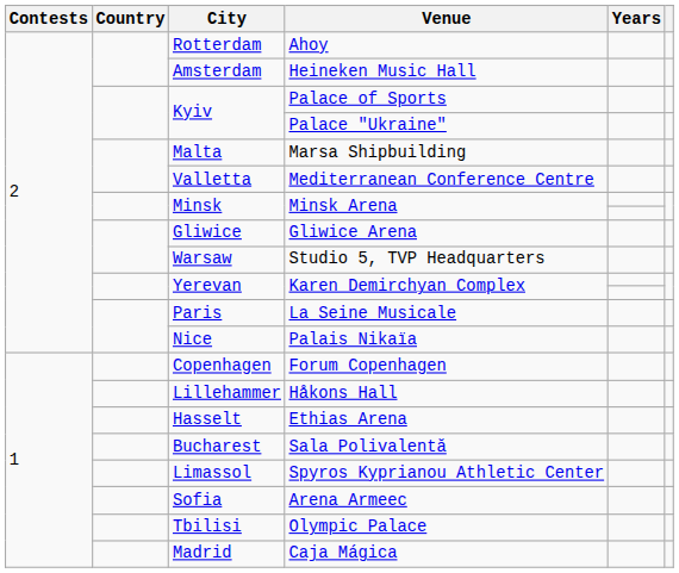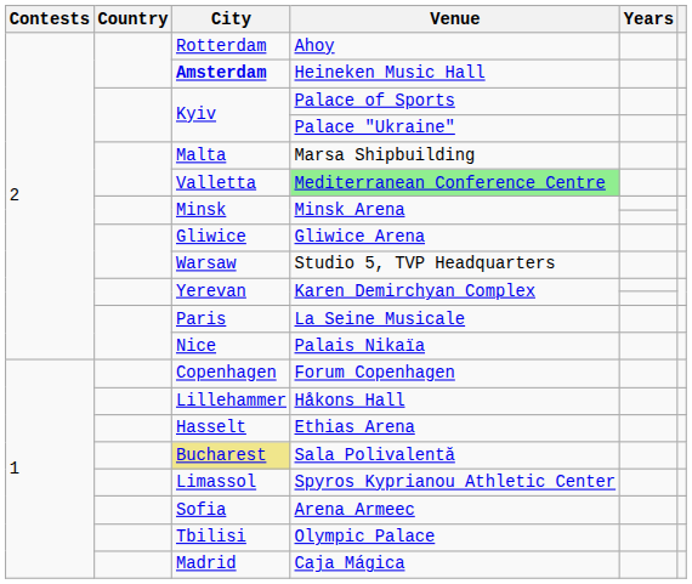 <table class="wikitable sortable">
 <tr>
 <th scope="col">Contests</th>
 <th scope="col">Country</th>
 <th scope="col">City</th>
 <th scope="col">Venue</th>
 <th scope="col">Years</th>
 <th scope="col"></th>
 </tr>
 <tr>
 <td rowspan="14">2</td>
 <td rowspan="2"></td>
 <td><a href='#'>Rotterdam</a></td>
 <td><a href='#'>Ahoy</a></td>
 <td></td>
 <td></td>
 </tr>
 <tr>
-<td><a href='#'>Amsterdam</a></td>
+<td><strong><a href='#'>Amsterdam</a></strong></td>
 <td><a href='#'>Heineken Music Hall</a></td>
 <td></td>
 <td></td>
 </tr>
 <tr>
 <td rowspan="2"></td>
 <td rowspan="2"><a href='#'>Kyiv</a></td>
 <td><a href='#'>Palace of Sports</a></td>
 <td></td>
 <td></td>
 </tr>
 <tr>
 <td><a href='#'>Palace "Ukraine"</a></td>
 <td></td>
 <td></td>
 </tr>
 <tr>
 <td rowspan="2"></td>
 <td><a href='#'>Malta</a></td>
 <td>Marsa Shipbuilding</td>
 <td></td>
 <td></td>
 </tr>
 <tr>
 <td><a href='#'>Valletta</a></td>
-<td><a href='#'>Mediterranean Conference Centre</a></td>
+<td style="background: lightgreen;"><a href='#'>Mediterranean Conference Centre</a></td>
 <td></td>
 <td></td>
 </tr>
 <tr>
 <td rowspan="2"></td>
 <td rowspan="2"><a href='#'>Minsk</a></td>
 <td rowspan="2"><a href='#'>Minsk Arena</a></td>
 <td></td>
 <td rowspan="2"></td>
 </tr>
 <tr>
 <td></td>
 </tr>
 <tr>
 <td rowspan="2"></td>
 <td><a href='#'>Gliwice</a></td>
 <td><a href='#'>Gliwice Arena</a></td>
 <td></td>
 <td></td>
 </tr>
 <tr>
 <td><a href='#'>Warsaw</a></td>
 <td>Studio 5, TVP Headquarters</td>
 <td></td>
 <td></td>
 </tr>
 <tr>
 <td rowspan="2"></td>
 <td rowspan="2"><a href='#'>Yerevan</a></td>
 <td rowspan="2"><a href='#'>Karen Demirchyan Complex</a></td>
 <td></td>
 <td rowspan="2"></td>
 </tr>
 <tr>
 <td></td>
 </tr>
 <tr>
 <td rowspan="2"></td>
 <td><a href='#'>Paris</a></td>
 <td><a href='#'>La Seine Musicale</a></td>
 <td></td>
 <td></td>
 </tr>
 <tr>
 <td><a href='#'>Nice</a></td>
 <td><a href='#'>Palais Nikaïa</a></td>
 <td></td>
 <td></td>
 </tr>
 <tr>
 <td rowspan="8">1</td>
 <td></td>
 <td><a href='#'>Copenhagen</a></td>
 <td><a href='#'>Forum Copenhagen</a></td>
 <td></td>
 <td></td>
 </tr>
 <tr>
 <td></td>
 <td><a href='#'>Lillehammer</a></td>
 <td><a href='#'>Håkons Hall</a></td>
 <td></td>
 <td></td>
 </tr>
 <tr>
 <td></td>
 <td><a href='#'>Hasselt</a></td>
 <td><a href='#'>Ethias Arena</a></td>
 <td></td>
 <td></td>
 </tr>
 <tr>
 <td></td>
-<td><a href='#'>Bucharest</a></td>
+<td style="background: khaki;"><a href='#'>Bucharest</a></td>
 <td><a href='#'>Sala Polivalentă</a></td>
 <td></td>
 <td></td>
 </tr>
 <tr>
 <td></td>
 <td><a href='#'>Limassol</a></td>
 <td><a href='#'>Spyros Kyprianou Athletic Center</a></td>
 <td></td>
 <td></td>
 </tr>
 <tr>
 <td></td>
 <td><a href='#'>Sofia</a></td>
 <td><a href='#'>Arena Armeec</a></td>
 <td></td>
 <td></td>
 </tr>
 <tr>
 <td></td>
 <td><a href='#'>Tbilisi</a></td>
 <td><a href='#'>Olympic Palace</a></td>
 <td></td>
 <td></td>
 </tr>
 <tr>
 <td></td>
 <td><a href='#'>Madrid</a></td>
 <td><a href='#'>Caja Mágica</a></td>
 <td></td>
 <td></td>
 </tr>
 </table>
